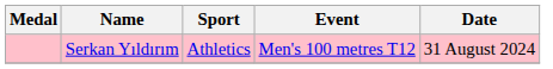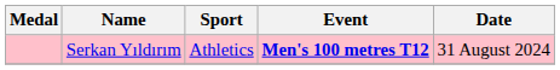 <table class="wikitable sortable" style="font-size: 95%;">
 <tr>
 <th>Medal</th>
 <th>Name</th>
 <th>Sport</th>
 <th>Event</th>
 <th>Date</th>
 </tr>
 <tr bgcolor=pink>
 <td></td>
 <td><a href='#'>Serkan Yıldırım</a></td>
 <td><a href='#'>Athletics</a></td>
-<td><a href='#'>Men's 100 metres T12</a></td>
+<td><strong><a href='#'>Men's 100 metres T12</a></strong></td>
 <td>31 August 2024</td>
 </tr>
 <tr>
 </tr>
 </table>
